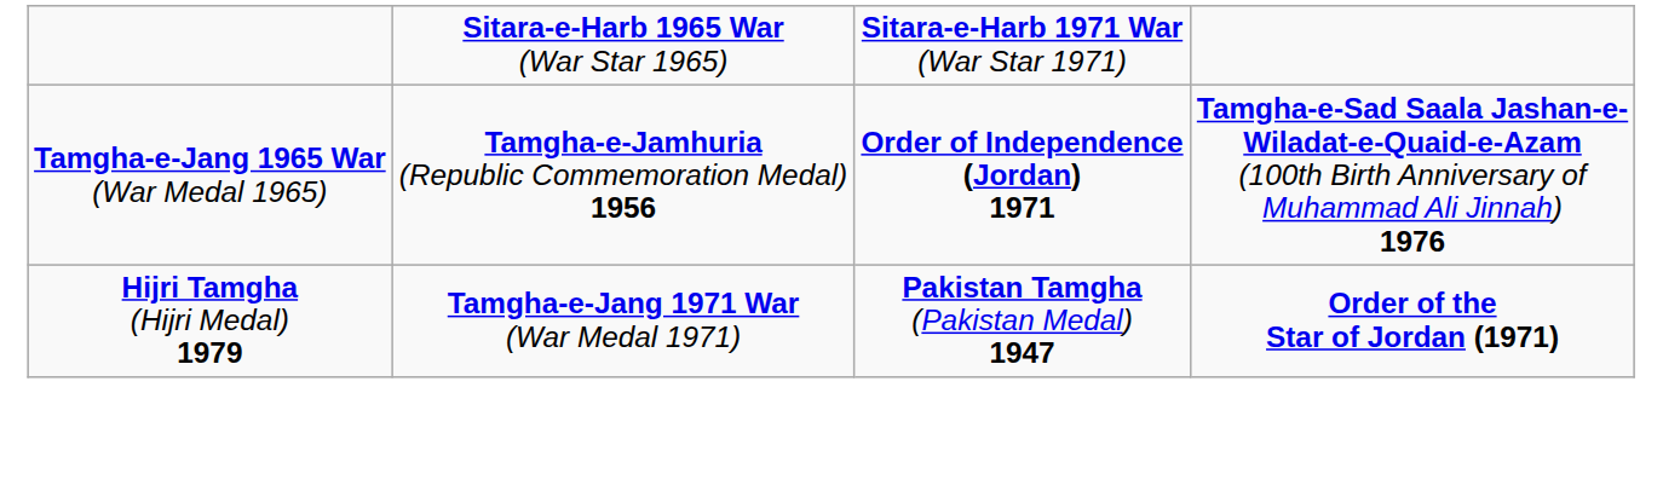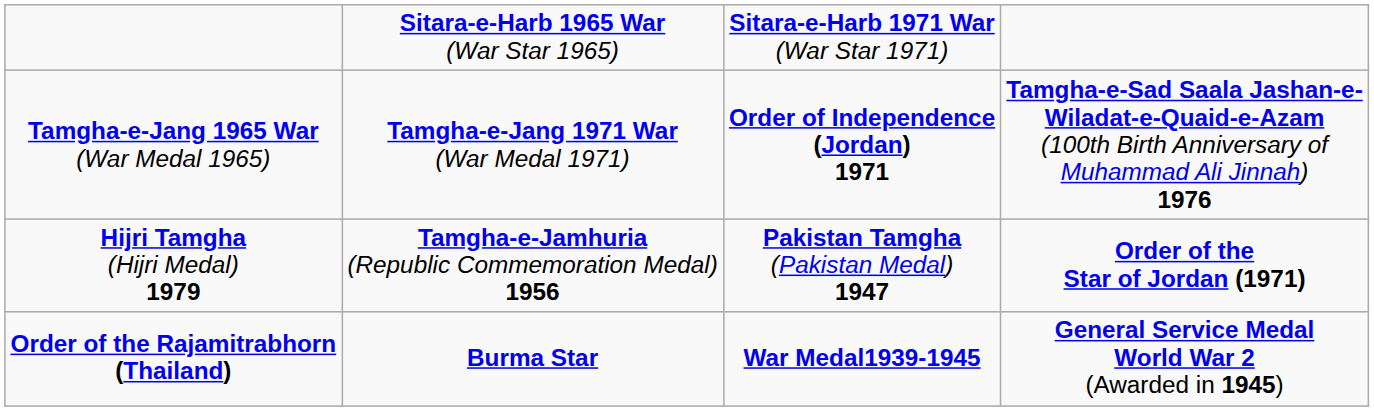 <table class="wikitable" style="margin:1em auto; text-align:center;">
 <tr>
 <td></td>
 <td><strong><a href='#'>Sitara-e-Harb 1965 War</a></strong><br><em>(War Star 1965)</em></td>
 <td><strong><a href='#'>Sitara-e-Harb 1971 War</a></strong><br><em>(War Star 1971)</em></td>
 <td></td>
 </tr>
 <tr>
 <td><strong><a href='#'>Tamgha-e-Jang 1965 War</a></strong><br><em>(War Medal 1965)</em></td>
-<td><strong><a href='#'>Tamgha-e-Jamhuria</a></strong><br><em>(Republic Commemoration Medal)</em><br><strong>1956</strong></td>
+<td><strong><a href='#'>Tamgha-e-Jang 1971 War</a></strong><br><em>(War Medal 1971)</em></td>
 <td><a href='#'><strong>Order of Independence</strong></a><br><strong>(<a href='#'>Jordan</a>)</strong><br><strong>1971</strong></td>
 <td><strong><a href='#'>Tamgha-e-Sad Saala Jashan-e-</a></strong><br><strong><a href='#'>Wiladat-e-Quaid-e-Azam</a></strong><br><em>(100th Birth Anniversary of</em><br><em><a href='#'>Muhammad Ali Jinnah</a>)</em><br><strong>1976</strong></td>
 </tr>
 <tr>
 <td><strong><a href='#'>Hijri Tamgha</a></strong><br><em>(Hijri Medal)</em><br><strong>1979</strong></td>
-<td><strong><a href='#'>Tamgha-e-Jang 1971 War</a></strong><br><em>(War Medal 1971)</em></td>
+<td><strong><a href='#'>Tamgha-e-Jamhuria</a></strong><br><em>(Republic Commemoration Medal)</em><br><strong>1956</strong></td>
 <td><strong><a href='#'>Pakistan Tamgha</a></strong><br><em>(<a href='#'>Pakistan Medal</a>)</em><br><strong>1947</strong></td>
 <td><strong><a href='#'>Order of the</a></strong><br><strong><a href='#'>Star of Jordan</a></strong> <strong>(1971)</strong></td>
 </tr>
+<tr>
+<td><strong><a href='#'>Order of the Rajamitrabhorn</a></strong><br><strong>(<a href='#'>Thailand</a>)</strong></td>
+<td><strong><a href='#'>Burma Star</a></strong></td>
+<td><a href='#'><strong>War Medal1939-1945</strong></a></td>
+<td><a href='#'><strong>General Service Medal</strong></a><br><strong><a href='#'>World War 2</a></strong><br>(Awarded in <strong>1945</strong>)</td>
+</tr>
 </table>
